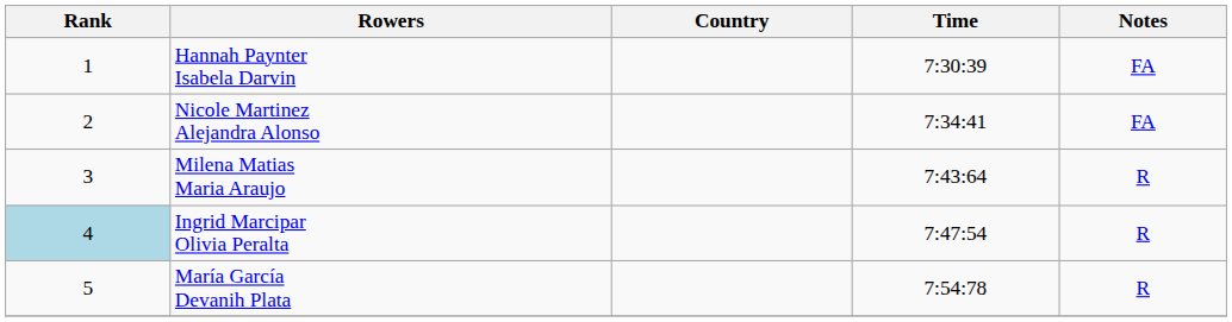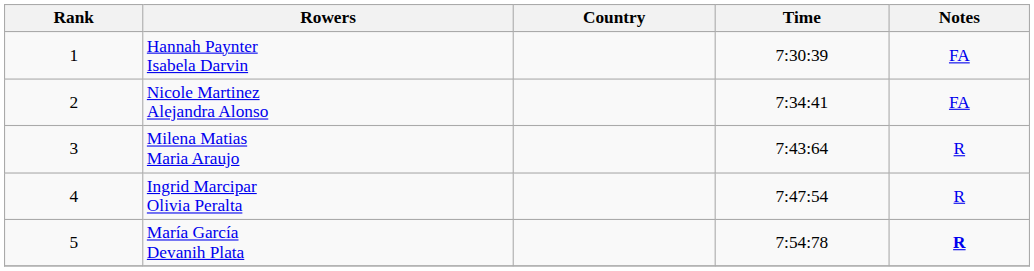 <table class="wikitable" width=60% style="text-align:center">
 <tr>
 <th>Rank</th>
 <th>Rowers</th>
 <th>Country</th>
 <th>Time</th>
 <th>Notes</th>
 </tr>
 <tr>
 <td>1</td>
 <td align=left><a href='#'>Hannah Paynter</a><br><a href='#'>Isabela Darvin</a></td>
 <td align=left></td>
 <td>7:30:39</td>
 <td><a href='#'>FA</a></td>
 </tr>
 <tr>
 <td>2</td>
 <td align=left><a href='#'>Nicole Martinez</a><br><a href='#'>Alejandra Alonso</a></td>
 <td align=left></td>
 <td>7:34:41</td>
 <td><a href='#'>FA</a></td>
 </tr>
 <tr>
 <td>3</td>
 <td align=left><a href='#'>Milena Matias</a><br><a href='#'>Maria Araujo</a></td>
 <td align=left></td>
 <td>7:43:64</td>
 <td><a href='#'>R</a></td>
 </tr>
 <tr>
-<td style="background: lightblue;">4</td>
+<td>4</td>
 <td align=left><a href='#'>Ingrid Marcipar</a><br><a href='#'>Olivia Peralta</a></td>
 <td align=left></td>
 <td>7:47:54</td>
 <td><a href='#'>R</a></td>
 </tr>
 <tr>
 <td>5</td>
 <td align=left><a href='#'>María García</a><br><a href='#'>Devanih Plata</a></td>
 <td align=left></td>
 <td>7:54:78</td>
-<td><a href='#'>R</a></td>
+<td><strong><a href='#'>R</a></strong></td>
 </tr>
 <tr>
 </tr>
 </table>
